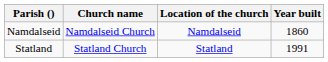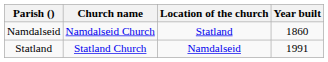 <table class="wikitable" style="text-align:center">
 <tr>
 <th>Parish ()</th>
 <th>Church name</th>
 <th>Location of the church</th>
 <th>Year built</th>
 </tr>
 <tr>
 <td>Namdalseid</td>
 <td><a href='#'>Namdalseid Church</a></td>
-<td><a href='#'>Namdalseid</a></td>
+<td><a href='#'>Statland</a></td>
 <td>1860</td>
 </tr>
 <tr>
 <td>Statland</td>
 <td><a href='#'>Statland Church</a></td>
-<td><a href='#'>Statland</a></td>
+<td><a href='#'>Namdalseid</a></td>
 <td>1991</td>
 </tr>
 </table>
